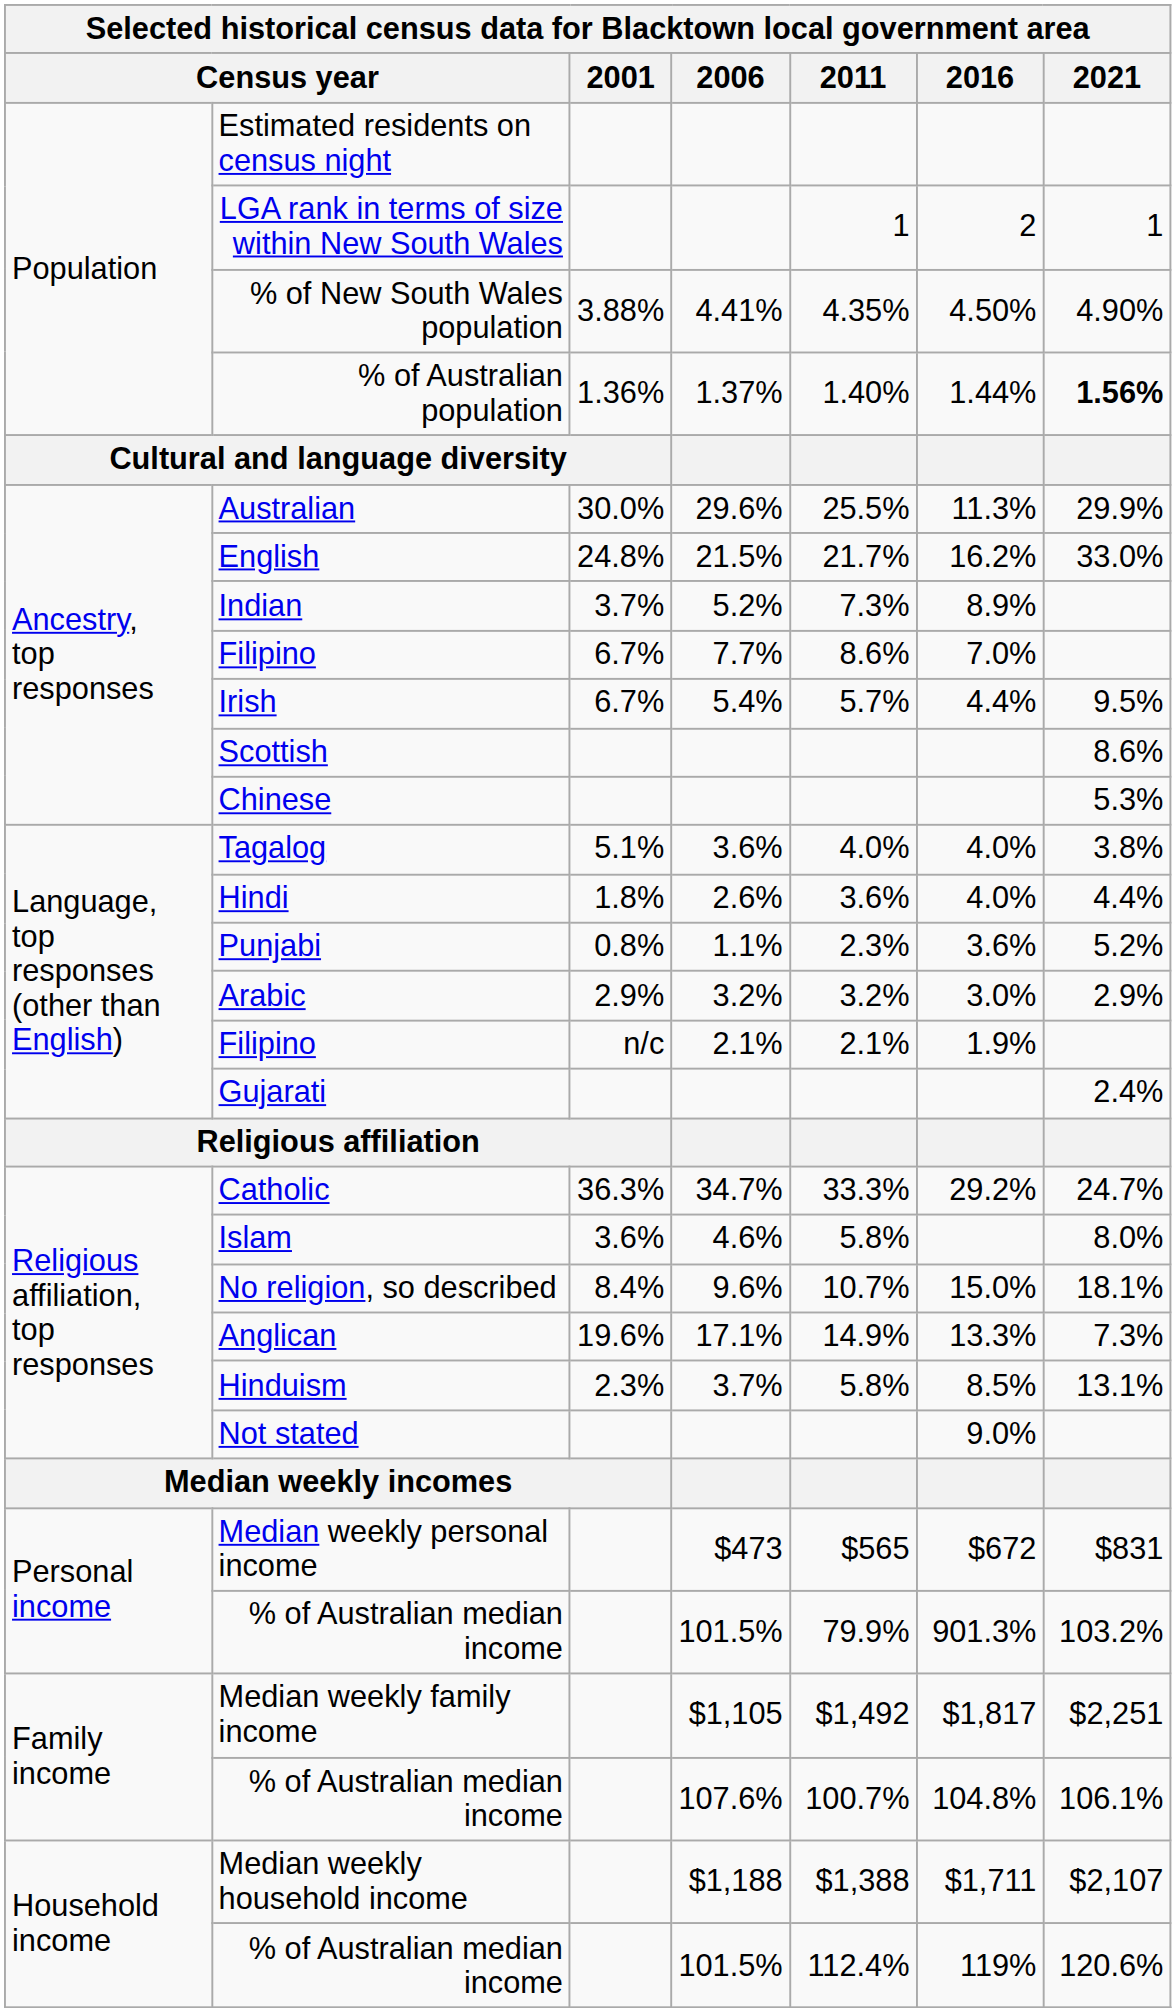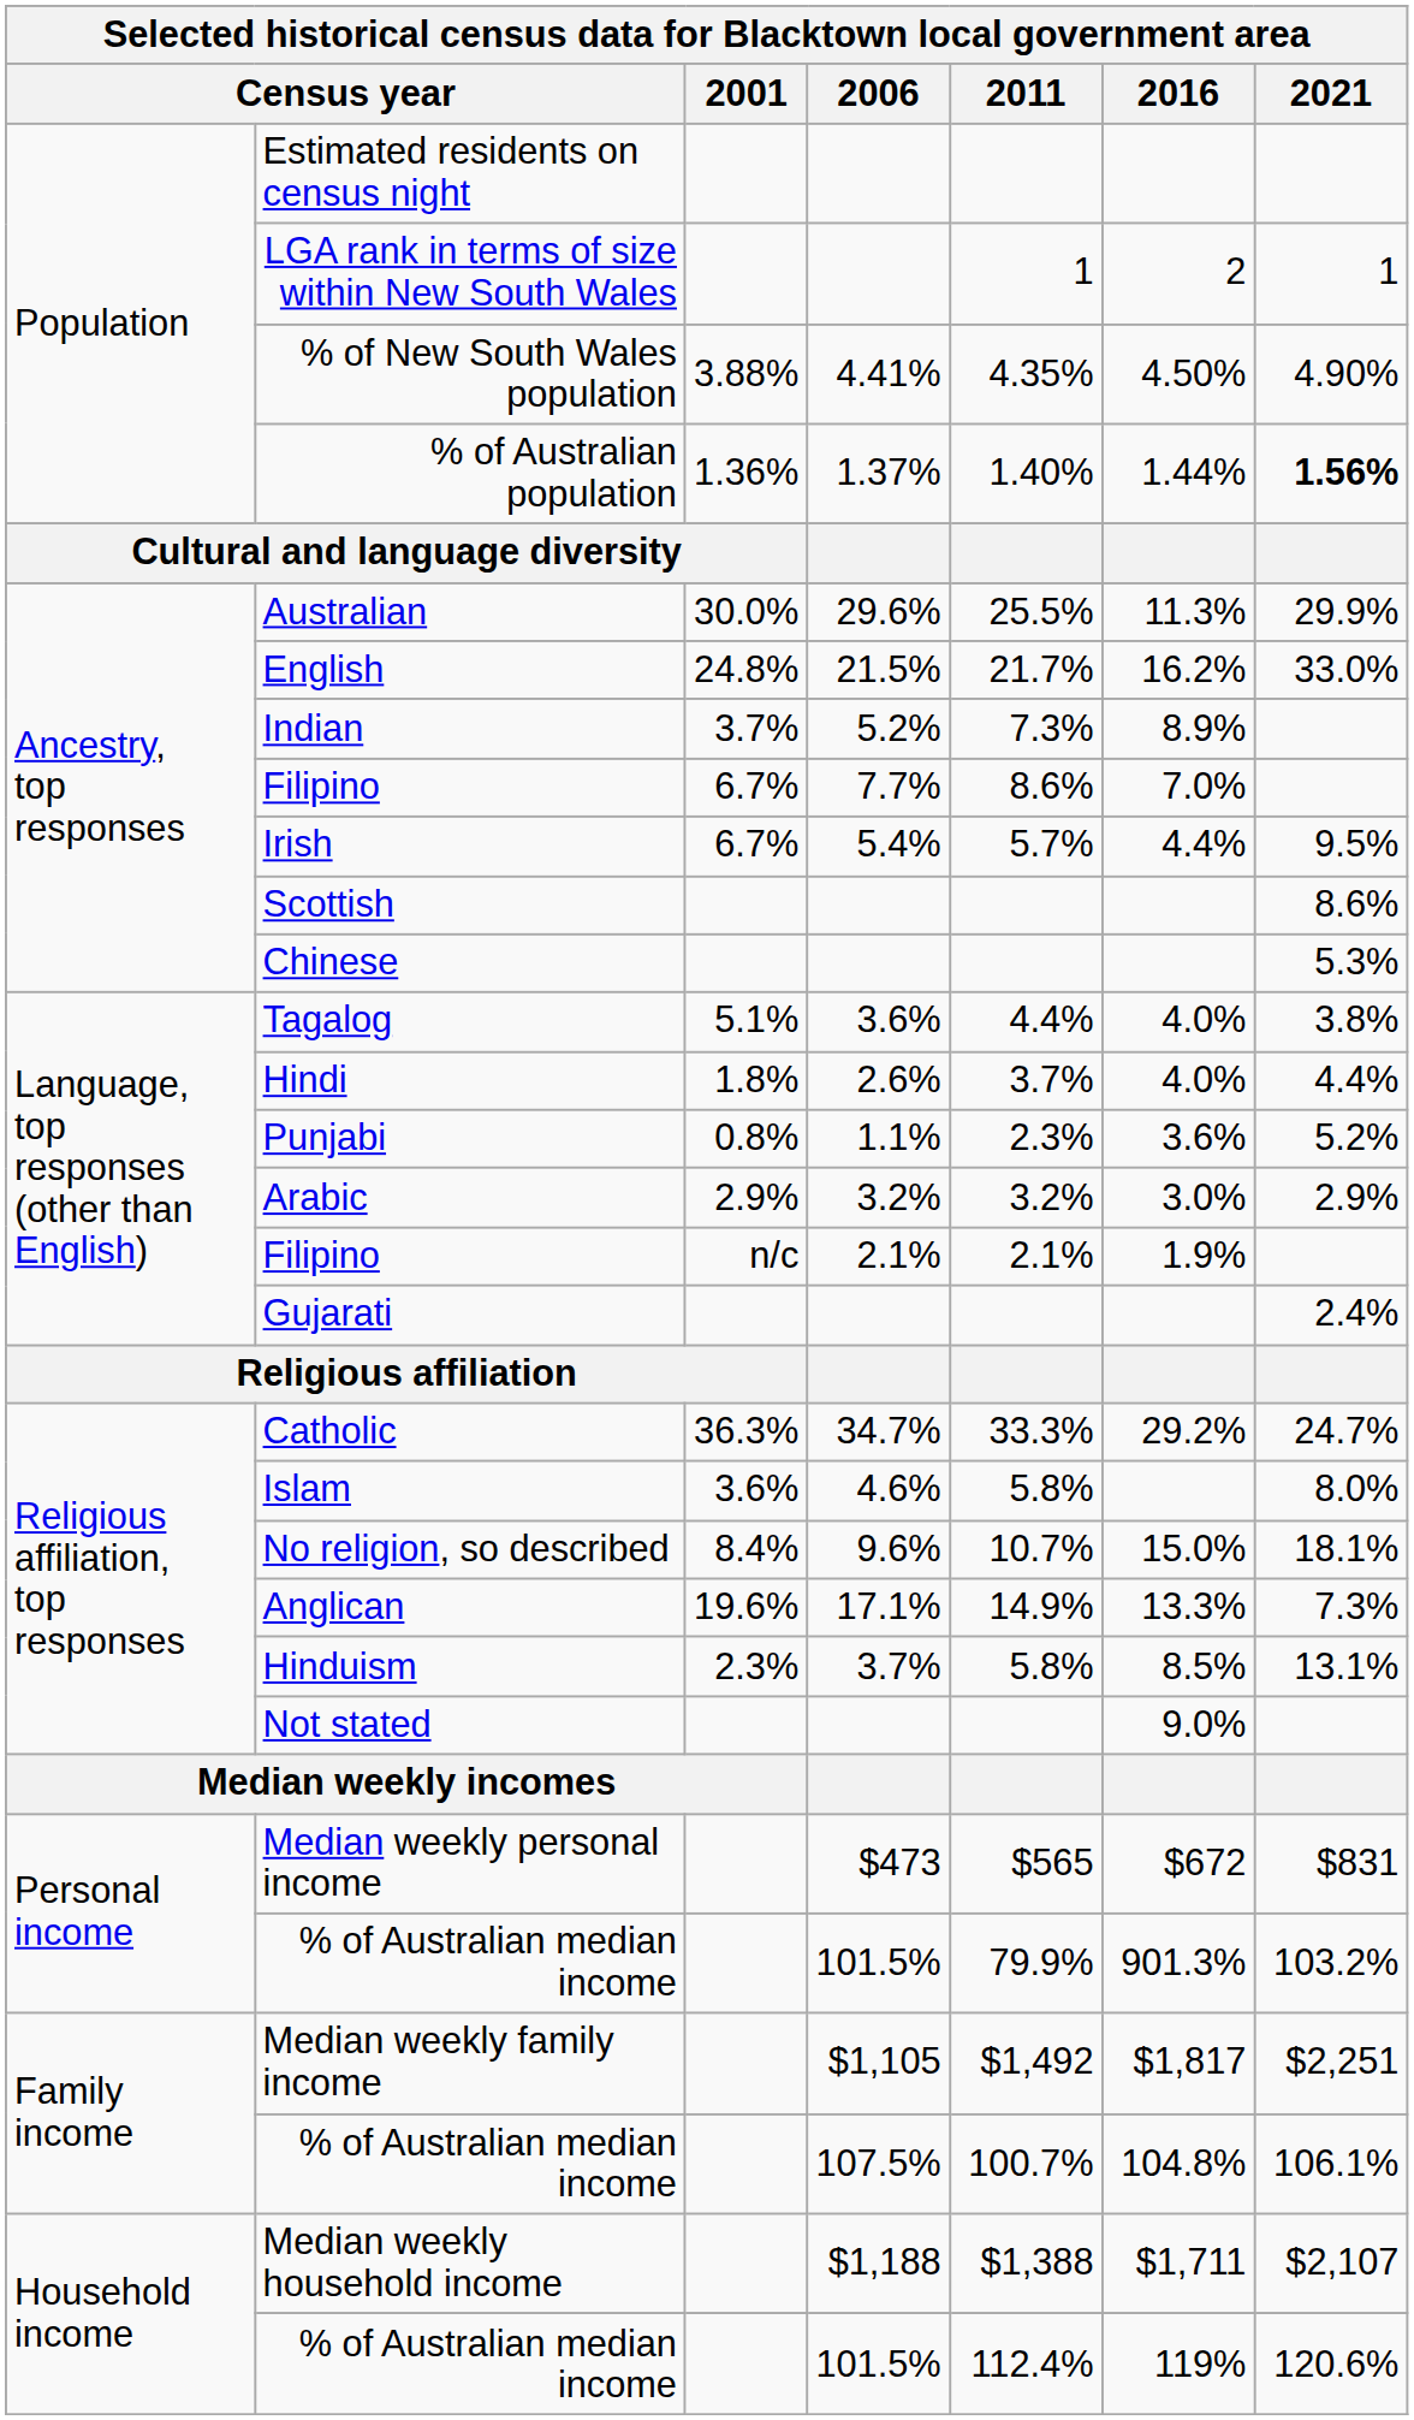 <table class="wikitable">
 <tr>
 <th colspan=8>Selected historical census data for Blacktown local government area</th>
 </tr>
 <tr>
 <th colspan=3>Census year</th>
 <th>2001</th>
 <th>2006</th>
 <th>2011</th>
 <th>2016</th>
 <th>2021</th>
 </tr>
 <tr>
 <td rowspan=4 colspan="2">Population</td>
 <td>Estimated residents on <a href='#'>census night</a></td>
 <td align="right"></td>
 <td align="right"> </td>
 <td align="right"> </td>
 <td align="right"> </td>
 <td align="right"> </td>
 </tr>
 <tr>
 <td align="right"><a href='#'>LGA rank in terms of size within New South Wales</a></td>
 <td align="right"></td>
 <td align="right"></td>
 <td align="right">1</td>
 <td align="right"> 2</td>
 <td align="right"> 1</td>
 </tr>
 <tr>
 <td align="right">% of New South Wales population</td>
 <td align="right">3.88%</td>
 <td align="right"> 4.41%</td>
 <td align="right"> 4.35%</td>
 <td align="right"> 4.50%</td>
 <td align="right"> 4.90%</td>
 </tr>
 <tr>
 <td align="right">% of Australian population</td>
 <td align="right">1.36%</td>
 <td align="right"> 1.37%</td>
 <td align="right"> 1.40%</td>
 <td align="right"> 1.44%</td>
 <td align="right"><strong> 1.56%</strong></td>
 </tr>
 <tr>
 <th colspan=4>Cultural and language diversity</th>
 <th></th>
 <th></th>
 <th></th>
 <th></th>
 </tr>
 <tr>
 <td rowspan=7 colspan=2><a href='#'>Ancestry</a>,<br>top responses</td>
 <td><a href='#'>Australian</a></td>
 <td align="right">30.0%</td>
 <td align="right"> 29.6%</td>
 <td align="right"> 25.5%</td>
 <td align="right"> 11.3%</td>
 <td align="right"> 29.9%</td>
 </tr>
 <tr>
 <td><a href='#'>English</a></td>
 <td align="right">24.8%</td>
 <td align="right"> 21.5%</td>
 <td align="right"> 21.7%</td>
 <td align="right"> 16.2%</td>
 <td align="right"> 33.0%</td>
 </tr>
 <tr>
 <td><a href='#'>Indian</a></td>
 <td align="right">3.7%</td>
 <td align="right"> 5.2%</td>
 <td align="right"> 7.3%</td>
 <td align="right"> 8.9%</td>
 <td align="right"></td>
 </tr>
 <tr>
 <td><a href='#'>Filipino</a></td>
 <td align="right">6.7%</td>
 <td align="right"> 7.7%</td>
 <td align="right"> 8.6%</td>
 <td align="right"> 7.0%</td>
 <td align="right"></td>
 </tr>
 <tr>
 <td><a href='#'>Irish</a></td>
 <td align="right">6.7%</td>
 <td align="right"> 5.4%</td>
 <td align="right"> 5.7%</td>
 <td align="right"> 4.4%</td>
 <td align="right"> 9.5%</td>
 </tr>
 <tr>
 <td><a href='#'>Scottish</a></td>
 <td align="right"></td>
 <td align="right"></td>
 <td align="right"></td>
 <td align="right"></td>
 <td align="right"> 8.6%</td>
 </tr>
 <tr>
 <td><a href='#'>Chinese</a></td>
 <td align="right"></td>
 <td align="right"></td>
 <td align="right"></td>
 <td align="right"></td>
 <td align="right">5.3%</td>
 </tr>
 <tr>
 <td rowspan=6 colspan=2>Language,<br>top responses<br>(other than <a href='#'>English</a>)</td>
 <td><a href='#'>Tagalog</a></td>
 <td align="right">5.1%</td>
 <td align="right"> 3.6%</td>
-<td align="right"> 4.0%</td>
+<td align="right"> 4.4%</td>
 <td align="right"> 4.0%</td>
 <td align="right"> 3.8%</td>
 </tr>
 <tr>
 <td><a href='#'>Hindi</a></td>
 <td align="right">1.8%</td>
 <td align="right"> 2.6%</td>
-<td align="right"> 3.6%</td>
+<td align="right"> 3.7%</td>
 <td align="right"> 4.0%</td>
 <td align="right"> 4.4%</td>
 </tr>
 <tr>
 <td><a href='#'>Punjabi</a></td>
 <td align="right">0.8%</td>
 <td align="right"> 1.1%</td>
 <td align="right"> 2.3%</td>
 <td align="right"> 3.6%</td>
 <td align="right"> 5.2%</td>
 </tr>
 <tr>
 <td><a href='#'>Arabic</a></td>
 <td align="right">2.9%</td>
 <td align="right"> 3.2%</td>
 <td align="right"> 3.2%</td>
 <td align="right"> 3.0%</td>
 <td align="right"> 2.9%</td>
 </tr>
 <tr>
 <td><a href='#'>Filipino</a></td>
 <td align="right">n/c</td>
 <td align="right"> 2.1%</td>
 <td align="right"> 2.1%</td>
 <td align="right"> 1.9%</td>
 <td align="right"></td>
 </tr>
 <tr>
 <td><a href='#'>Gujarati</a></td>
 <td align="right"></td>
 <td align="right"></td>
 <td align="right"></td>
 <td align="right"></td>
 <td align="right">2.4%</td>
 </tr>
 <tr>
 <th colspan=4>Religious affiliation</th>
 <th></th>
 <th></th>
 <th></th>
 <th></th>
 </tr>
 <tr>
 <td rowspan=6 colspan=2><a href='#'>Religious</a> affiliation,<br>top responses</td>
 <td><a href='#'>Catholic</a></td>
 <td align="right">36.3%</td>
 <td align="right"> 34.7%</td>
 <td align="right"> 33.3%</td>
 <td align="right"> 29.2%</td>
 <td align="right"> 24.7%</td>
 </tr>
 <tr>
 <td><a href='#'>Islam</a></td>
 <td align="right">3.6%</td>
 <td align="right"> 4.6%</td>
 <td align="right"> 5.8%</td>
 <td align="right"></td>
 <td align="right">8.0%</td>
 </tr>
 <tr>
 <td><a href='#'>No religion</a>, so described</td>
 <td align="right">8.4%</td>
 <td align="right"> 9.6%</td>
 <td align="right"> 10.7%</td>
 <td align="right"> 15.0%</td>
 <td align="right"> 18.1%</td>
 </tr>
 <tr>
 <td><a href='#'>Anglican</a></td>
 <td align="right">19.6%</td>
 <td align="right"> 17.1%</td>
 <td align="right"> 14.9%</td>
 <td align="right"> 13.3%</td>
 <td align="right"> 7.3%</td>
 </tr>
 <tr>
 <td><a href='#'>Hinduism</a></td>
 <td align="right">2.3%</td>
 <td align="right"> 3.7%</td>
 <td align="right"> 5.8%</td>
 <td align="right"> 8.5%</td>
 <td align="right"> 13.1%</td>
 </tr>
 <tr>
 <td><a href='#'>Not stated</a></td>
 <td align="right"></td>
 <td align="right"></td>
 <td align="right"></td>
 <td align="right">9.0%</td>
 <td align="right"></td>
 </tr>
 <tr>
 <th colspan=4>Median weekly incomes</th>
 <th></th>
 <th></th>
 <th></th>
 <th></th>
 </tr>
 <tr>
 <td rowspan=2 colspan=2>Personal <a href='#'>income</a></td>
 <td><a href='#'>Median</a> weekly personal income</td>
 <td align="right"></td>
 <td align="right">$473</td>
 <td align="right"> $565</td>
 <td align="right"> $672</td>
 <td align="right"> $831</td>
 </tr>
 <tr>
 <td align="right">% of Australian median income</td>
 <td align="right"></td>
 <td align="right">101.5%</td>
 <td align="right"> 79.9%</td>
 <td align="right"> 901.3%</td>
 <td align="right"> 103.2%</td>
 </tr>
 <tr>
 <td rowspan=2 colspan=2>Family income</td>
 <td>Median weekly family income</td>
 <td align="right"></td>
 <td align="right">$1,105</td>
 <td align="right"> $1,492</td>
 <td align="right"> $1,817</td>
 <td align="right"> $2,251</td>
 </tr>
 <tr>
 <td align="right">% of Australian median income</td>
 <td align="right"></td>
-<td align="right">107.6%</td>
+<td align="right">107.5%</td>
 <td align="right"> 100.7%</td>
 <td align="right"> 104.8%</td>
 <td align="right"> 106.1%</td>
 </tr>
 <tr>
 <td rowspan=2 colspan=2>Household income</td>
 <td>Median weekly household income</td>
 <td align="right"></td>
 <td align="right">$1,188</td>
 <td align="right"> $1,388</td>
 <td align="right"> $1,711</td>
 <td align="right"> $2,107</td>
 </tr>
 <tr>
 <td align="right">% of Australian median income</td>
 <td align="right"></td>
 <td align="right">101.5%</td>
 <td align="right"> 112.4%</td>
 <td align="right"> 119%</td>
 <td align="right">120.6%</td>
 </tr>
 <tr>
 </tr>
 </table>
